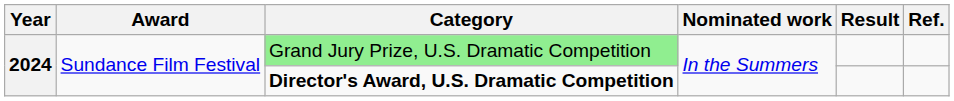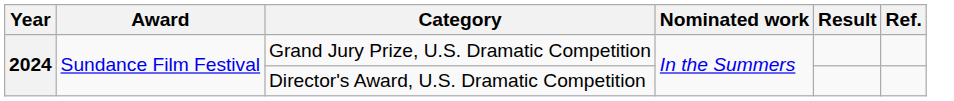 <table class="wikitable sortable plainrowheaders">
 <tr>
 <th scope="col">Year</th>
 <th scope="col">Award</th>
 <th scope="col">Category</th>
 <th scope="col">Nominated work</th>
 <th scope="col">Result</th>
 <th scope="col">Ref.</th>
 </tr>
 <tr>
 <th scope="row" rowspan="2">2024</th>
 <td rowspan="2"><a href='#'>Sundance Film Festival</a></td>
-<td style="background: lightgreen;">Grand Jury Prize, U.S. Dramatic Competition</td>
+<td>Grand Jury Prize, U.S. Dramatic Competition</td>
 <td rowspan="2"><em><a href='#'>In the Summers</a></em></td>
 <td></td>
 <td align="center"></td>
 </tr>
 <tr>
-<td><strong>Director's Award, U.S. Dramatic Competition</strong></td>
+<td>Director's Award, U.S. Dramatic Competition</td>
 <td></td>
 <td align="center"></td>
 </tr>
 </table>
